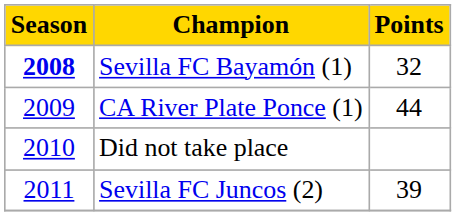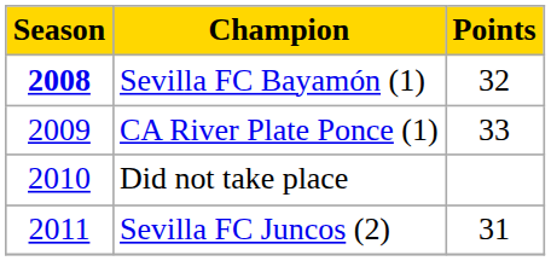 <table class="wikitable" style="background:white; width=125 text-align:center">
 <tr>
 <th style="background:gold; width=20%">Season</th>
 <th style="background:gold; width=10%">Champion</th>
 <th style="background:gold; width=20%">Points</th>
 </tr>
 <tr>
 <td align="center"><strong><a href='#'>2008</a></strong></td>
 <td><a href='#'>Sevilla FC Bayamón</a> (1)</td>
 <td align="center">32</td>
 </tr>
 <tr>
 <td align="center"><a href='#'>2009</a></td>
 <td><a href='#'>CA River Plate Ponce</a> (1)</td>
-<td align="center">44</td>
+<td align="center">33</td>
 </tr>
 <tr>
 <td align="center"><a href='#'>2010</a></td>
 <td>Did not take place</td>
 <td></td>
 </tr>
 <tr>
 <td align="center"><a href='#'>2011</a></td>
 <td><a href='#'>Sevilla FC Juncos</a> (2)</td>
-<td align="center">39</td>
+<td align="center">31</td>
 </tr>
 <tr>
 </tr>
 </table>
